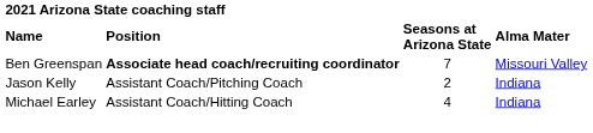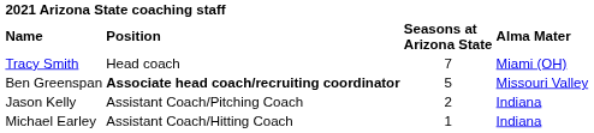 <table class="toccolours" style="text-align: left; font-size:90%;">
 <tr>
 <th colspan="4">2021 Arizona State coaching staff</th>
 </tr>
 <tr>
 <th>Name</th>
 <th>Position</th>
 <th>Seasons at<br>Arizona State</th>
 <th>Alma Mater</th>
 </tr>
 <tr>
+<td><a href='#'>Tracy Smith</a></td>
+<td>Head coach</td>
+<td align=center>7</td>
+<td><a href='#'>Miami (OH)</a></td>
+</tr>
+<tr>
 <td>Ben Greenspan</td>
 <td><strong>Associate head coach/recruiting coordinator</strong></td>
-<td align=center>7</td>
+<td align=center>5</td>
 <td><a href='#'>Missouri Valley</a></td>
 </tr>
 <tr>
 <td>Jason Kelly</td>
 <td>Assistant Coach/Pitching Coach</td>
 <td align=center>2</td>
 <td><a href='#'>Indiana</a></td>
 </tr>
 <tr>
 <td>Michael Earley</td>
 <td>Assistant Coach/Hitting Coach</td>
-<td align=center>4</td>
+<td align=center>1</td>
 <td><a href='#'>Indiana</a></td>
 </tr>
 </table>
